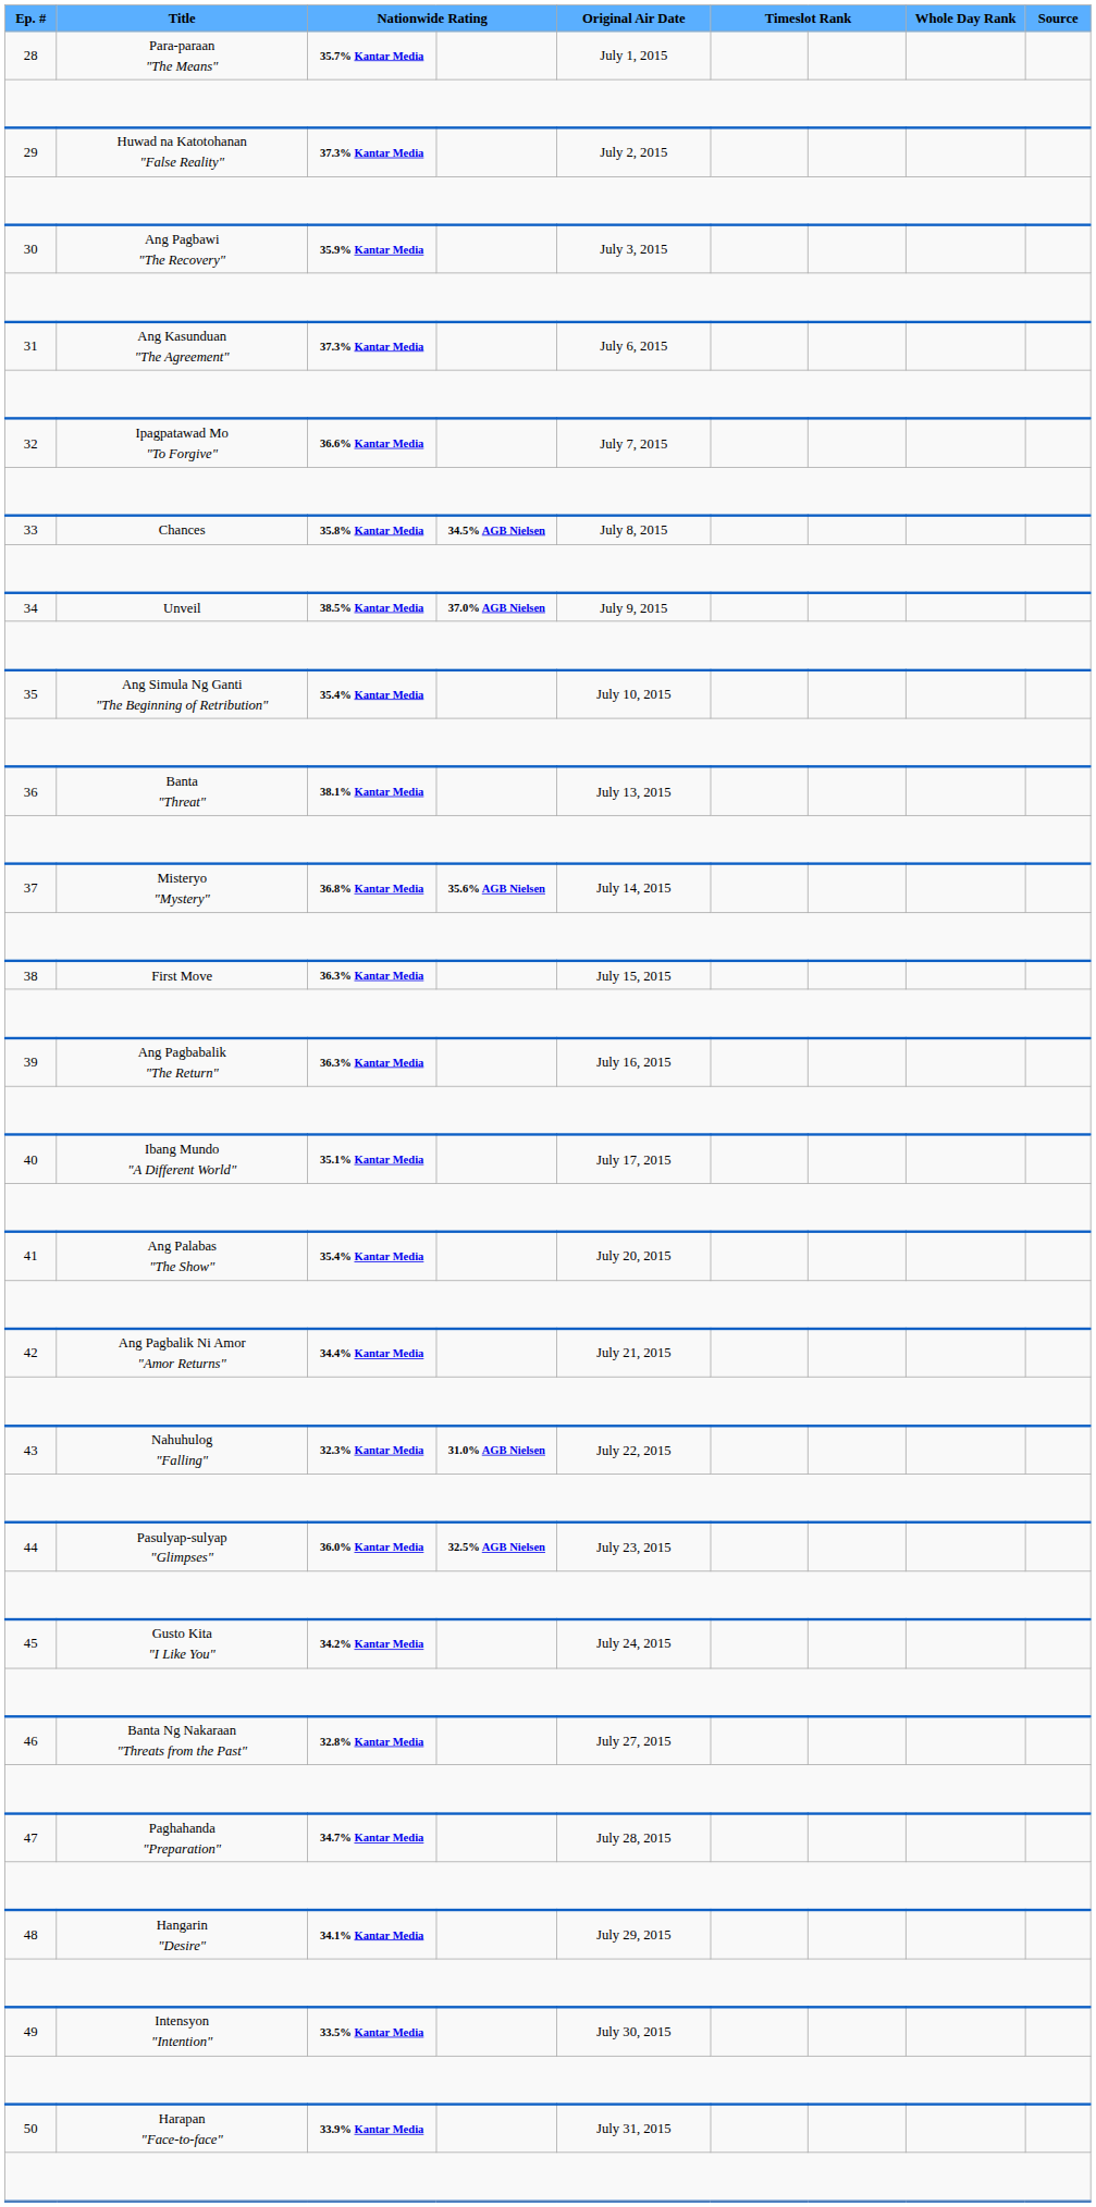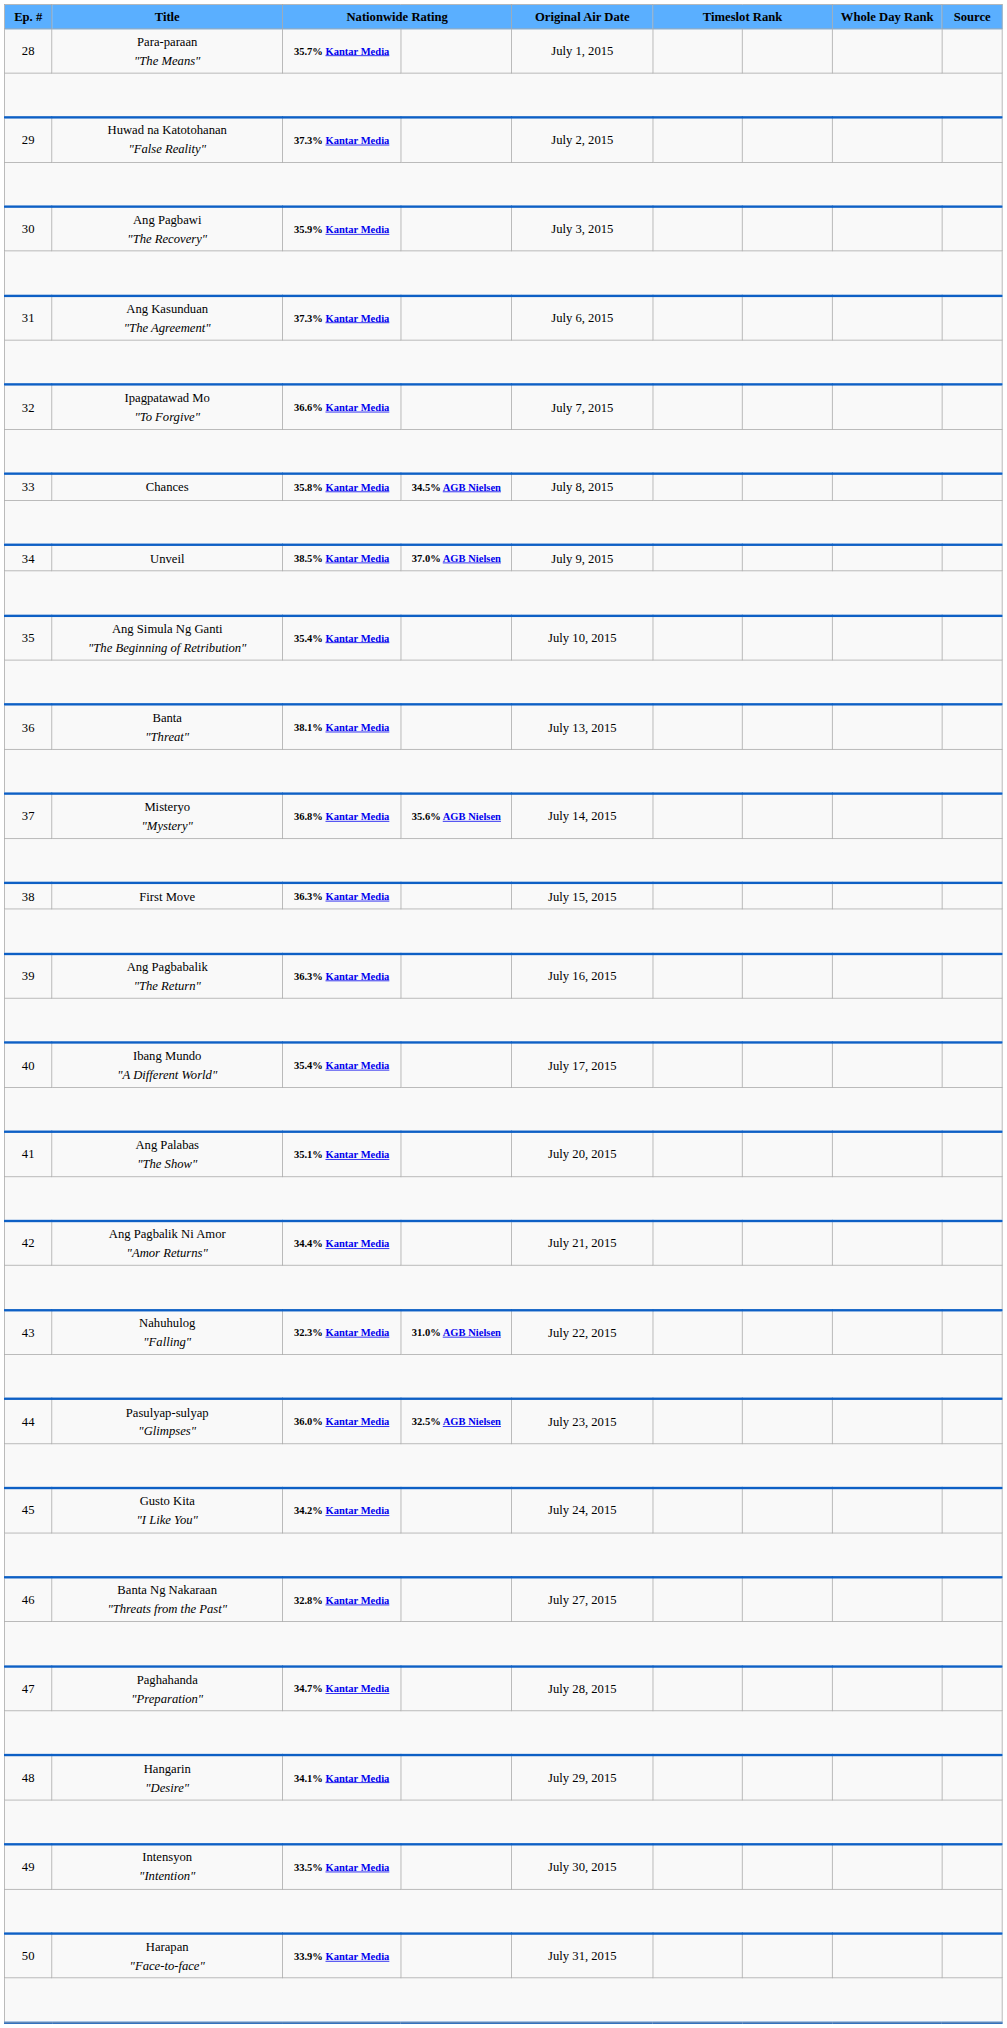 <table class="wikitable" style="text-align: center; background:#f9f9f9; line-height:16px; line-height:150%" width="100%">
 <tr style="color:black;">
 <th style="background:#5AAFFF;">Ep. #</th>
 <th style="background:#5AAFFF;">Title</th>
 <th style="background:#5AAFFF;" colspan="2" width="23%">Nationwide Rating</th>
 <th style="background:#5AAFFF;">Original Air Date</th>
 <th style="background:#5AAFFF;" colspan="2" width="18%">Timeslot Rank</th>
 <th style="background:#5AAFFF;" width="11%">Whole Day Rank</th>
 <th style="background:#5AAFFF;">Source</th>
 </tr>
 <tr style="text-align: center">
 <td>28</td>
 <td>Para-paraan <br> <em>"The Means"</em></td>
 <td><small><strong>35.7% <a href='#'>Kantar Media</a></strong></small></td>
 <td></td>
 <td>July 1, 2015</td>
 <td></td>
 <td></td>
 <td></td>
 <td></td>
 </tr>
 <tr style="text-align: center">
 <td colspan = "10" style="text-align: left; border-bottom: 3px solid #0e60c5;"><br><br></td>
 </tr>
 <tr style="text-align: center">
 <td>29</td>
 <td>Huwad na Katotohanan <br> <em>"False Reality"</em></td>
 <td><small><strong>37.3% <a href='#'>Kantar Media</a></strong></small></td>
 <td></td>
 <td>July 2, 2015</td>
 <td></td>
 <td></td>
 <td></td>
 <td></td>
 </tr>
 <tr style="text-align: center">
 <td colspan = "10" style="text-align: left; border-bottom: 3px solid #0e60c5;"><br><br></td>
 </tr>
 <tr style="text-align: center">
 <td>30</td>
 <td>Ang Pagbawi <br> <em>"The Recovery"</em></td>
 <td><small><strong>35.9% <a href='#'>Kantar Media</a></strong></small></td>
 <td></td>
 <td>July 3, 2015</td>
 <td></td>
 <td></td>
 <td></td>
 <td></td>
 </tr>
 <tr style="text-align: center">
 <td colspan = "10" style="text-align: left; border-bottom: 3px solid #0e60c5;"><br><br></td>
 </tr>
 <tr style="text-align: center">
 <td>31</td>
 <td>Ang Kasunduan <br> <em>"The Agreement"</em></td>
 <td><small><strong>37.3% <a href='#'>Kantar Media</a></strong></small></td>
 <td></td>
 <td>July 6, 2015</td>
 <td></td>
 <td></td>
 <td></td>
 <td></td>
 </tr>
 <tr style="text-align: center">
 <td colspan = "10" style="text-align: left; border-bottom: 3px solid #0e60c5;"><br><br></td>
 </tr>
 <tr style="text-align: center">
 <td>32</td>
 <td>Ipagpatawad Mo <br> <em>"To Forgive"</em></td>
 <td><small><strong>36.6% <a href='#'>Kantar Media</a></strong></small></td>
 <td></td>
 <td>July 7, 2015</td>
 <td></td>
 <td></td>
 <td></td>
 <td></td>
 </tr>
 <tr style="text-align: center">
 <td colspan = "10" style="text-align: left; border-bottom: 3px solid #0e60c5;"><br><br></td>
 </tr>
 <tr style="text-align: center">
 <td>33</td>
 <td>Chances</td>
 <td><small><strong>35.8% <a href='#'>Kantar Media</a></strong></small></td>
 <td><small><strong>34.5% <a href='#'>AGB Nielsen</a></strong></small></td>
 <td>July 8, 2015</td>
 <td></td>
 <td></td>
 <td></td>
 <td></td>
 </tr>
 <tr style="text-align: center">
 <td colspan = "10" style="text-align: left; border-bottom: 3px solid #0e60c5;"><br><br></td>
 </tr>
 <tr style="text-align: center">
 <td>34</td>
 <td>Unveil</td>
 <td><small><strong>38.5% <a href='#'>Kantar Media</a></strong></small></td>
 <td><small><strong>37.0% <a href='#'>AGB Nielsen</a></strong></small></td>
 <td>July 9, 2015</td>
 <td></td>
 <td></td>
 <td></td>
 <td></td>
 </tr>
 <tr style="text-align: center">
 <td colspan = "10" style="text-align: left; border-bottom: 3px solid #0e60c5;"><br><br></td>
 </tr>
 <tr style="text-align: center">
 <td>35</td>
 <td>Ang Simula Ng Ganti <br> <em>"The Beginning of Retribution"</em></td>
 <td><small><strong>35.4% <a href='#'>Kantar Media</a></strong></small></td>
 <td></td>
 <td>July 10, 2015</td>
 <td></td>
 <td></td>
 <td></td>
 <td></td>
 </tr>
 <tr style="text-align: center">
 <td colspan = "10" style="text-align: left; border-bottom: 3px solid #0e60c5;"><br><br></td>
 </tr>
 <tr style="text-align: center">
 <td>36</td>
 <td>Banta <br> <em>"Threat"</em></td>
 <td><small><strong>38.1% <a href='#'>Kantar Media</a></strong></small></td>
 <td></td>
 <td>July 13, 2015</td>
 <td></td>
 <td></td>
 <td></td>
 <td></td>
 </tr>
 <tr style="text-align: center">
 <td colspan = "10" style="text-align: left; border-bottom: 3px solid #0e60c5;"><br><br></td>
 </tr>
 <tr style="text-align: center">
 <td>37</td>
 <td>Misteryo <br> <em>"Mystery"</em></td>
 <td><small><strong>36.8% <a href='#'>Kantar Media</a></strong></small></td>
 <td><small><strong>35.6% <a href='#'>AGB Nielsen</a></strong></small></td>
 <td>July 14, 2015</td>
 <td></td>
 <td></td>
 <td></td>
 <td></td>
 </tr>
 <tr style="text-align: center">
 <td colspan = "10" style="text-align: left; border-bottom: 3px solid #0e60c5;"><br><br></td>
 </tr>
 <tr style="text-align: center">
 <td>38</td>
 <td>First Move</td>
 <td><small><strong>36.3% <a href='#'>Kantar Media</a></strong></small></td>
 <td></td>
 <td>July 15, 2015</td>
 <td></td>
 <td></td>
 <td></td>
 <td></td>
 </tr>
 <tr style="text-align: center">
 <td colspan = "10" style="text-align: left; border-bottom: 3px solid #0e60c5;"><br><br></td>
 </tr>
 <tr style="text-align: center">
 <td>39</td>
 <td>Ang Pagbabalik <br> <em>"The Return"</em></td>
 <td><small><strong>36.3% <a href='#'>Kantar Media</a></strong></small></td>
 <td></td>
 <td>July 16, 2015</td>
 <td></td>
 <td></td>
 <td></td>
 <td></td>
 </tr>
 <tr style="text-align: center">
 <td colspan = "10" style="text-align: left; border-bottom: 3px solid #0e60c5;"><br><br></td>
 </tr>
 <tr style="text-align: center">
 <td>40</td>
 <td>Ibang Mundo <br> <em>"A Different World"</em></td>
-<td><small><strong>35.1% <a href='#'>Kantar Media</a></strong></small></td>
+<td><small><strong>35.4% <a href='#'>Kantar Media</a></strong></small></td>
 <td></td>
 <td>July 17, 2015</td>
 <td></td>
 <td></td>
 <td></td>
 <td></td>
 </tr>
 <tr style="text-align: center">
 <td colspan = "10" style="text-align: left; border-bottom: 3px solid #0e60c5;"><br><br></td>
 </tr>
 <tr style="text-align: center">
 <td>41</td>
 <td>Ang Palabas <br> <em>"The Show"</em></td>
-<td><small><strong>35.4% <a href='#'>Kantar Media</a></strong></small></td>
+<td><small><strong>35.1% <a href='#'>Kantar Media</a></strong></small></td>
 <td></td>
 <td>July 20, 2015</td>
 <td></td>
 <td></td>
 <td></td>
 <td></td>
 </tr>
 <tr style="text-align: center">
 <td colspan = "10" style="text-align: left; border-bottom: 3px solid #0e60c5;"><br><br></td>
 </tr>
 <tr style="text-align: center">
 <td>42</td>
 <td>Ang Pagbalik Ni Amor <br> <em>"Amor Returns"</em></td>
 <td><small><strong>34.4% <a href='#'>Kantar Media</a></strong></small></td>
 <td></td>
 <td>July 21, 2015</td>
 <td></td>
 <td></td>
 <td></td>
 <td></td>
 </tr>
 <tr style="text-align: center">
 <td colspan = "10" style="text-align: left; border-bottom: 3px solid #0e60c5;"><br><br></td>
 </tr>
 <tr style="text-align: center">
 <td>43</td>
 <td>Nahuhulog <br> <em>"Falling"</em></td>
 <td><small><strong>32.3% <a href='#'>Kantar Media</a></strong></small></td>
 <td><small><strong>31.0% <a href='#'>AGB Nielsen</a></strong></small></td>
 <td>July 22, 2015</td>
 <td></td>
 <td></td>
 <td></td>
 <td></td>
 </tr>
 <tr style="text-align: center">
 <td colspan = "10" style="text-align: left; border-bottom: 3px solid #0e60c5;"><br><br></td>
 </tr>
 <tr style="text-align: center">
 <td>44</td>
 <td>Pasulyap-sulyap <br> <em>"Glimpses"</em></td>
 <td><small><strong>36.0% <a href='#'>Kantar Media</a></strong></small></td>
 <td><small><strong>32.5% <a href='#'>AGB Nielsen</a></strong></small></td>
 <td>July 23, 2015</td>
 <td></td>
 <td></td>
 <td></td>
 <td></td>
 </tr>
 <tr style="text-align: center">
 <td colspan = "10" style="text-align: left; border-bottom: 3px solid #0e60c5;"><br><br></td>
 </tr>
 <tr style="text-align: center">
 <td>45</td>
 <td>Gusto Kita <br> <em>"I Like You"</em></td>
 <td><small><strong>34.2% <a href='#'>Kantar Media</a></strong></small></td>
 <td></td>
 <td>July 24, 2015</td>
 <td></td>
 <td></td>
 <td></td>
 <td></td>
 </tr>
 <tr style="text-align: center">
 <td colspan = "10" style="text-align: left; border-bottom: 3px solid #0e60c5;"><br><br></td>
 </tr>
 <tr style="text-align: center">
 <td>46</td>
 <td>Banta Ng Nakaraan <br> <em>"Threats from the Past"</em></td>
 <td><small><strong>32.8% <a href='#'>Kantar Media</a></strong></small></td>
 <td></td>
 <td>July 27, 2015</td>
 <td></td>
 <td></td>
 <td></td>
 <td></td>
 </tr>
 <tr style="text-align: center">
 <td colspan = "10" style="text-align: left; border-bottom: 3px solid #0e60c5;"><br><br></td>
 </tr>
 <tr style="text-align: center">
 <td>47</td>
 <td>Paghahanda <br> <em>"Preparation"</em></td>
 <td><small><strong>34.7% <a href='#'>Kantar Media</a></strong></small></td>
 <td></td>
 <td>July 28, 2015</td>
 <td></td>
 <td></td>
 <td></td>
 <td></td>
 </tr>
 <tr style="text-align: center">
 <td colspan = "10" style="text-align: left; border-bottom: 3px solid #0e60c5;"><br><br></td>
 </tr>
 <tr style="text-align: center">
 <td>48</td>
 <td>Hangarin <br> <em>"Desire"</em></td>
 <td><small><strong>34.1% <a href='#'>Kantar Media</a></strong></small></td>
 <td></td>
 <td>July 29, 2015</td>
 <td></td>
 <td></td>
 <td></td>
 <td></td>
 </tr>
 <tr style="text-align: center">
 <td colspan = "10" style="text-align: left; border-bottom: 3px solid #0e60c5;"><br><br></td>
 </tr>
 <tr style="text-align: center">
 <td>49</td>
 <td>Intensyon <br> <em>"Intention"</em></td>
 <td><small><strong>33.5% <a href='#'>Kantar Media</a></strong></small></td>
 <td></td>
 <td>July 30, 2015</td>
 <td></td>
 <td></td>
 <td></td>
 <td></td>
 </tr>
 <tr style="text-align: center">
 <td colspan = "10" style="text-align: left; border-bottom: 3px solid #0e60c5;"><br><br></td>
 </tr>
 <tr style="text-align: center">
 <td>50</td>
 <td>Harapan <br> <em>"Face-to-face"</em></td>
 <td><small><strong>33.9% <a href='#'>Kantar Media</a></strong></small></td>
 <td></td>
 <td>July 31, 2015</td>
 <td></td>
 <td></td>
 <td></td>
 <td></td>
 </tr>
 <tr style="text-align: center">
 <td colspan = "10" style="text-align: left; border-bottom: 3px solid #0e60c5;"><br><br></td>
 </tr>
 <tr>
 </tr>
 </table>
